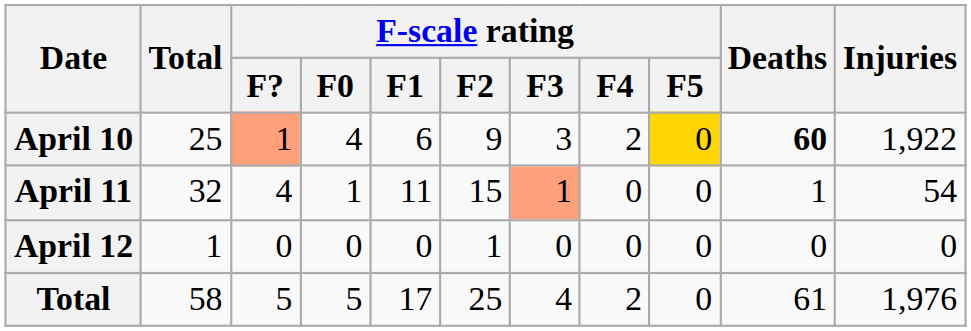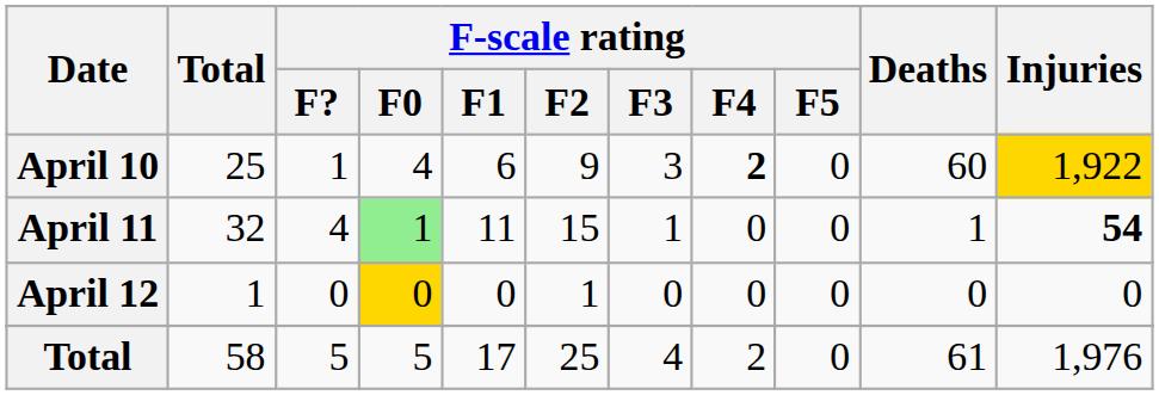 <table class="wikitable sortable" style="margin: 1em auto 1em auto;">
 <tr>
 <th scope="col" rowspan="2">Date</th>
 <th scope="col" rowspan="2" align="center">Total</th>
 <th scope="col" colspan="7" align="center"><a href='#'>F-scale</a> rating</th>
 <th scope="col" rowspan="2" align="center">Deaths</th>
 <th scope="col" rowspan="2" align="center">Injuries</th>
 </tr>
 <tr>
 <th scope="col" align="center"> F? </th>
 <th scope="col" align="center"> F0 </th>
 <th scope="col" align="center"> F1 </th>
 <th scope="col" align="center"> F2 </th>
 <th scope="col" align="center"> F3 </th>
 <th scope="col" align="center"> F4 </th>
 <th scope="col" align="center"> F5 </th>
 </tr>
 <tr>
 <th scope="row">April 10</th>
 <td align="right">25</td>
-<td align="right" style="background: lightsalmon;">1</td>
+<td align="right">1</td>
 <td align="right">4</td>
 <td align="right">6</td>
 <td align="right">9</td>
 <td align="right">3</td>
-<td align="right">2</td>
-<td align="right" style="background: gold;">0</td>
-<td align="right"><strong>60</strong></td>
-<td align="right">1,922</td>
+<td align="right"><strong>2</strong></td>
+<td align="right">0</td>
+<td align="right">60</td>
+<td align="right" style="background: gold;">1,922</td>
 </tr>
 <tr>
 <th scope="row">April 11</th>
 <td align="right">32</td>
 <td align="right">4</td>
-<td align="right">1</td>
+<td align="right" style="background: lightgreen;">1</td>
 <td align="right">11</td>
 <td align="right">15</td>
-<td align="right" style="background: lightsalmon;">1</td>
+<td align="right">1</td>
 <td align="right">0</td>
 <td align="right">0</td>
 <td align="right">1</td>
-<td align="right">54</td>
+<td align="right"><strong>54</strong></td>
 </tr>
 <tr>
 <th scope="row">April 12</th>
 <td align="right">1</td>
 <td align="right">0</td>
-<td align="right">0</td>
+<td align="right" style="background: gold;">0</td>
 <td align="right">0</td>
 <td align="right">1</td>
 <td align="right">0</td>
 <td align="right">0</td>
 <td align="right">0</td>
 <td align="right">0</td>
 <td align="right">0</td>
 </tr>
 <tr>
 </tr>
 <tr class="sortbottom">
 <th scope="row">Total</th>
 <td align="right">58</td>
 <td align="right">5</td>
 <td align="right">5</td>
 <td align="right">17</td>
 <td align="right">25</td>
 <td align="right">4</td>
 <td align="right">2</td>
 <td align="right">0</td>
 <td align="right">61</td>
 <td align="right">1,976</td>
 </tr>
 </table>
